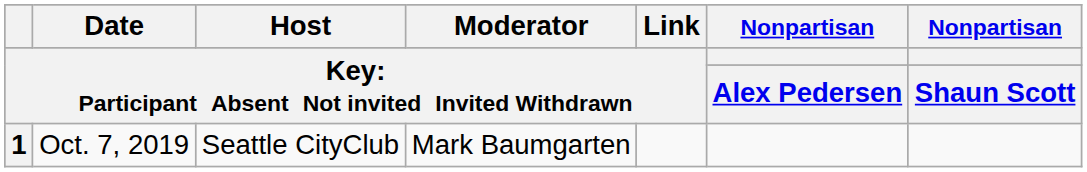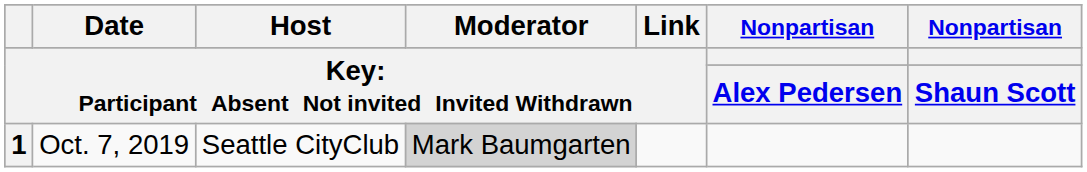 <table class="wikitable" style="text-align:center;">
 <tr>
 <th scope="col"></th>
 <th scope="col">Date</th>
 <th scope="col">Host</th>
 <th scope="col">Moderator</th>
 <th scope="col">Link</th>
 <th scope="col"><small><a href='#'>Nonpartisan</a></small></th>
 <th scope="col"><small><a href='#'>Nonpartisan</a></small></th>
 </tr>
 <tr>
 <th colspan="5" rowspan="2">Key:<br> <small>Participant </small>  <small>Absent </small>  <small>Not invited </small>  <small>Invited  Withdrawn</small></th>
 <th scope="col" style="background:"></th>
 <th scope="col" style="background:"></th>
 </tr>
 <tr>
 <th scope="col"><a href='#'>Alex Pedersen</a></th>
 <th scope="col"><a href='#'>Shaun Scott</a></th>
 </tr>
 <tr>
 <th>1</th>
 <td style="white-space:nowrap;">Oct. 7, 2019</td>
 <td style="white-space:nowrap;">Seattle CityClub</td>
-<td style="white-space:nowrap;">Mark Baumgarten</td>
+<td style="background: lightgrey; white-space:nowrap;">Mark Baumgarten</td>
 <td style="white-space:nowrap;"></td>
 <td></td>
 <td></td>
 </tr>
 </table>
